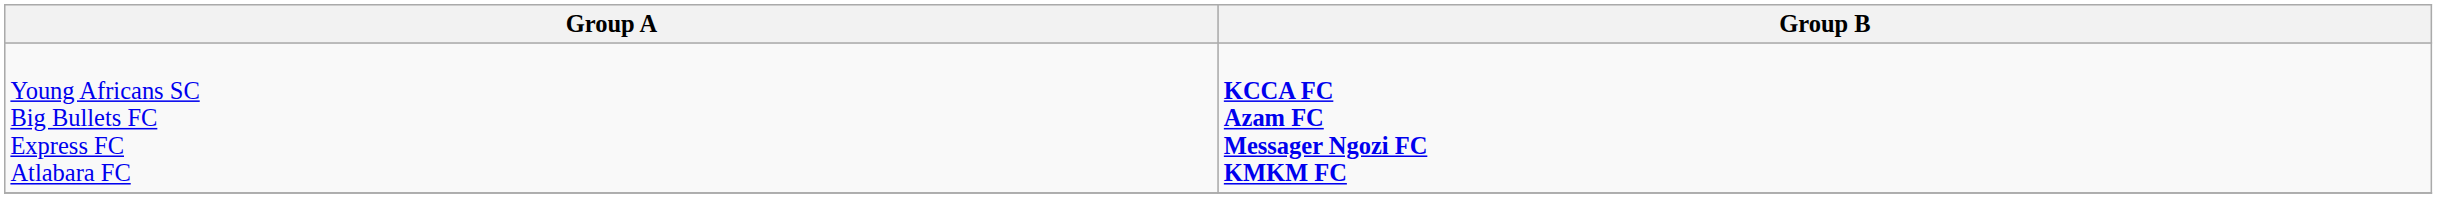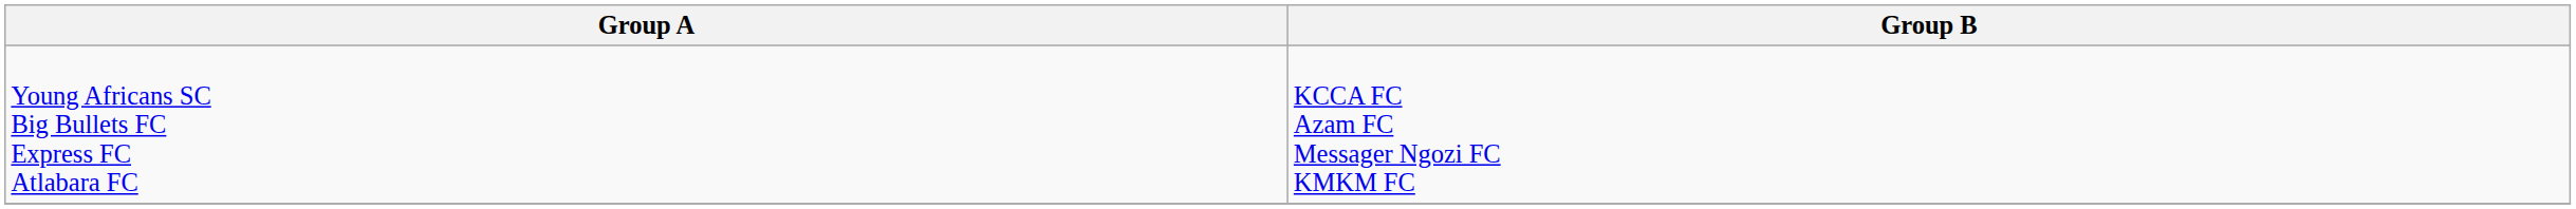 <table class="wikitable" style="width:80%;">
 <tr>
 <th width=25%>Group A</th>
 <th width=25%>Group B</th>
 </tr>
 <tr>
 <td><br> <a href='#'>Young Africans SC</a><br>  <a href='#'>Big Bullets FC</a><br>  <a href='#'>Express FC</a><br>  <a href='#'>Atlabara FC</a><br></td>
-<td><strong><br> <a href='#'>KCCA FC</a><br>  <a href='#'>Azam FC</a><br>  <a href='#'>Messager Ngozi FC</a><br>  <a href='#'>KMKM FC</a></strong></td>
+<td><br> <a href='#'>KCCA FC</a><br>  <a href='#'>Azam FC</a><br>  <a href='#'>Messager Ngozi FC</a><br>  <a href='#'>KMKM FC</a></td>
 </tr>
 <tr>
 </tr>
 </table>
